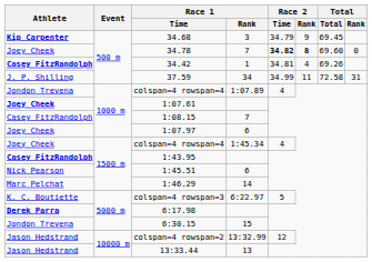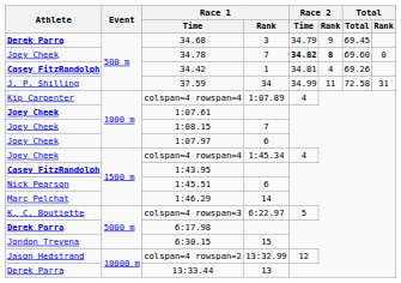 <table class=wikitable style=font-size:90%;text-align:center>
 <tr>
 <th rowspan=2>Athlete</th>
 <th rowspan=2>Event</th>
 <th colspan=2>Race 1</th>
 <th colspan=2>Race 2</th>
 <th colspan=2>Total</th>
 </tr>
 <tr style=font-size:95%>
 <th>Time</th>
 <th>Rank</th>
 <th>Time</th>
 <th>Rank</th>
 <th>Total</th>
 <th>Rank</th>
 </tr>
 <tr>
-<td align=left><strong><a href='#'>Kip Carpenter</a></strong></td>
+<td align=left><strong><a href='#'>Derek Parra</a></strong></td>
 <td align=left rowspan=4><a href='#'>500 m</a></td>
 <td>34.68 </td>
 <td>3</td>
 <td>34.79</td>
 <td>9</td>
 <td>69.45</td>
 <td></td>
 </tr>
 <tr>
 <td align=left><a href='#'>Joey Cheek</a></td>
 <td>34.78</td>
 <td>7</td>
 <td><strong>34.82</strong></td>
 <td><strong>8</strong></td>
 <td>69.60</td>
 <td>0</td>
 </tr>
 <tr>
 <td align=left><strong><a href='#'>Casey FitzRandolph</a></strong></td>
 <td>34.42 </td>
 <td>1</td>
 <td>34.81</td>
 <td>4</td>
 <td>69.26 </td>
 <td></td>
 </tr>
 <tr>
 <td align=left><a href='#'>J. P. Shilling</a></td>
 <td>37.59</td>
 <td>34</td>
 <td>34.99</td>
 <td>11</td>
 <td>72.58</td>
 <td>31</td>
 </tr>
 <tr>
-<td align=left><a href='#'>Jondon Trevena</a></td>
+<td align=left><a href='#'>Kip Carpenter</a></td>
 <td align=left rowspan=4><a href='#'>1000 m</a></td>
 <td>colspan=4 rowspan=4 </td>
 <td>1:07.89</td>
 <td>4</td>
 </tr>
 <tr>
 <td align=left><strong><a href='#'>Joey Cheek</a></strong></td>
 <td>1:07.61</td>
 <td></td>
 </tr>
 <tr>
-<td align=left><a href='#'>Casey FitzRandolph</a></td>
+<td align=left><a href='#'>Joey Cheek</a></td>
 <td>1:08.15</td>
 <td>7</td>
 </tr>
 <tr>
 <td align=left><a href='#'>Joey Cheek</a></td>
 <td>1:07.97</td>
 <td>6</td>
 </tr>
 <tr>
 <td align=left><a href='#'>Joey Cheek</a></td>
 <td align=left rowspan=4><a href='#'>1500 m</a></td>
 <td>colspan=4 rowspan=4 </td>
 <td>1:45.34</td>
 <td>4</td>
 </tr>
 <tr>
 <td align=left><strong><a href='#'>Casey FitzRandolph</a></strong></td>
 <td>1:43.95 </td>
 <td></td>
 </tr>
 <tr>
 <td align=left><a href='#'>Nick Pearson</a></td>
 <td>1:45.51</td>
 <td>6</td>
 </tr>
 <tr>
 <td align="left"><a href='#'>Marc Pelchat</a></td>
 <td>1:46.29</td>
 <td>14</td>
 </tr>
 <tr>
 <td align=left><a href='#'>K. C. Boutiette</a></td>
 <td align=left rowspan=3><a href='#'>5000 m</a></td>
 <td>colspan=4 rowspan=3 </td>
 <td>6:22.97</td>
 <td>5</td>
 </tr>
 <tr>
 <td align=left><strong><a href='#'>Derek Parra</a></strong></td>
 <td>6:17.98</td>
 <td></td>
 </tr>
 <tr>
 <td align=left><a href='#'>Jondon Trevena</a></td>
 <td>6:30.15</td>
 <td>15</td>
 </tr>
 <tr>
 <td align=left><a href='#'>Jason Hedstrand</a></td>
 <td align=left rowspan=2><a href='#'>10000 m</a></td>
 <td>colspan=4 rowspan=2 </td>
 <td>13:32.99</td>
 <td>12</td>
 </tr>
 <tr>
-<td align=left><a href='#'>Jason Hedstrand</a></td>
+<td align=left><a href='#'>Derek Parra</a></td>
 <td>13:33.44</td>
 <td>13</td>
 </tr>
 </table>
